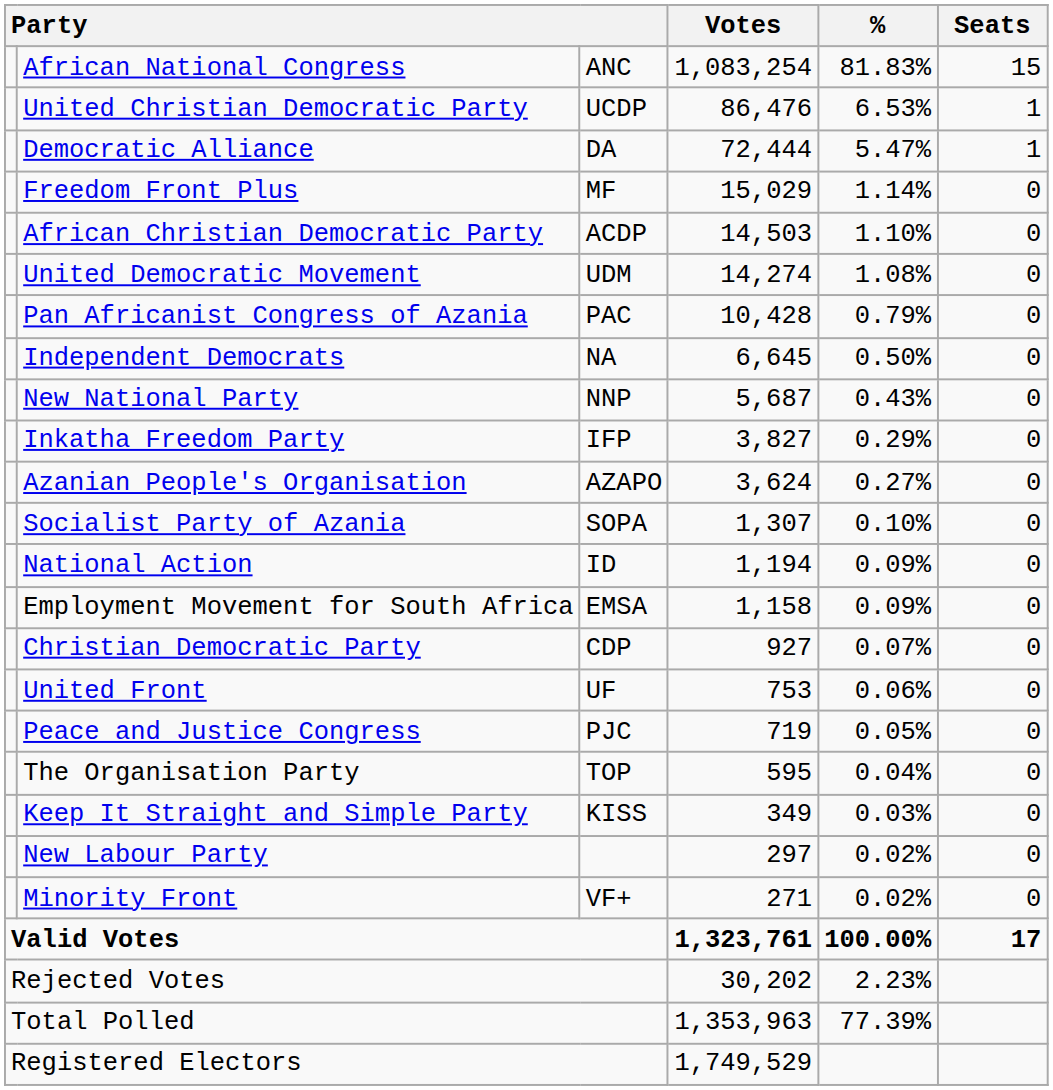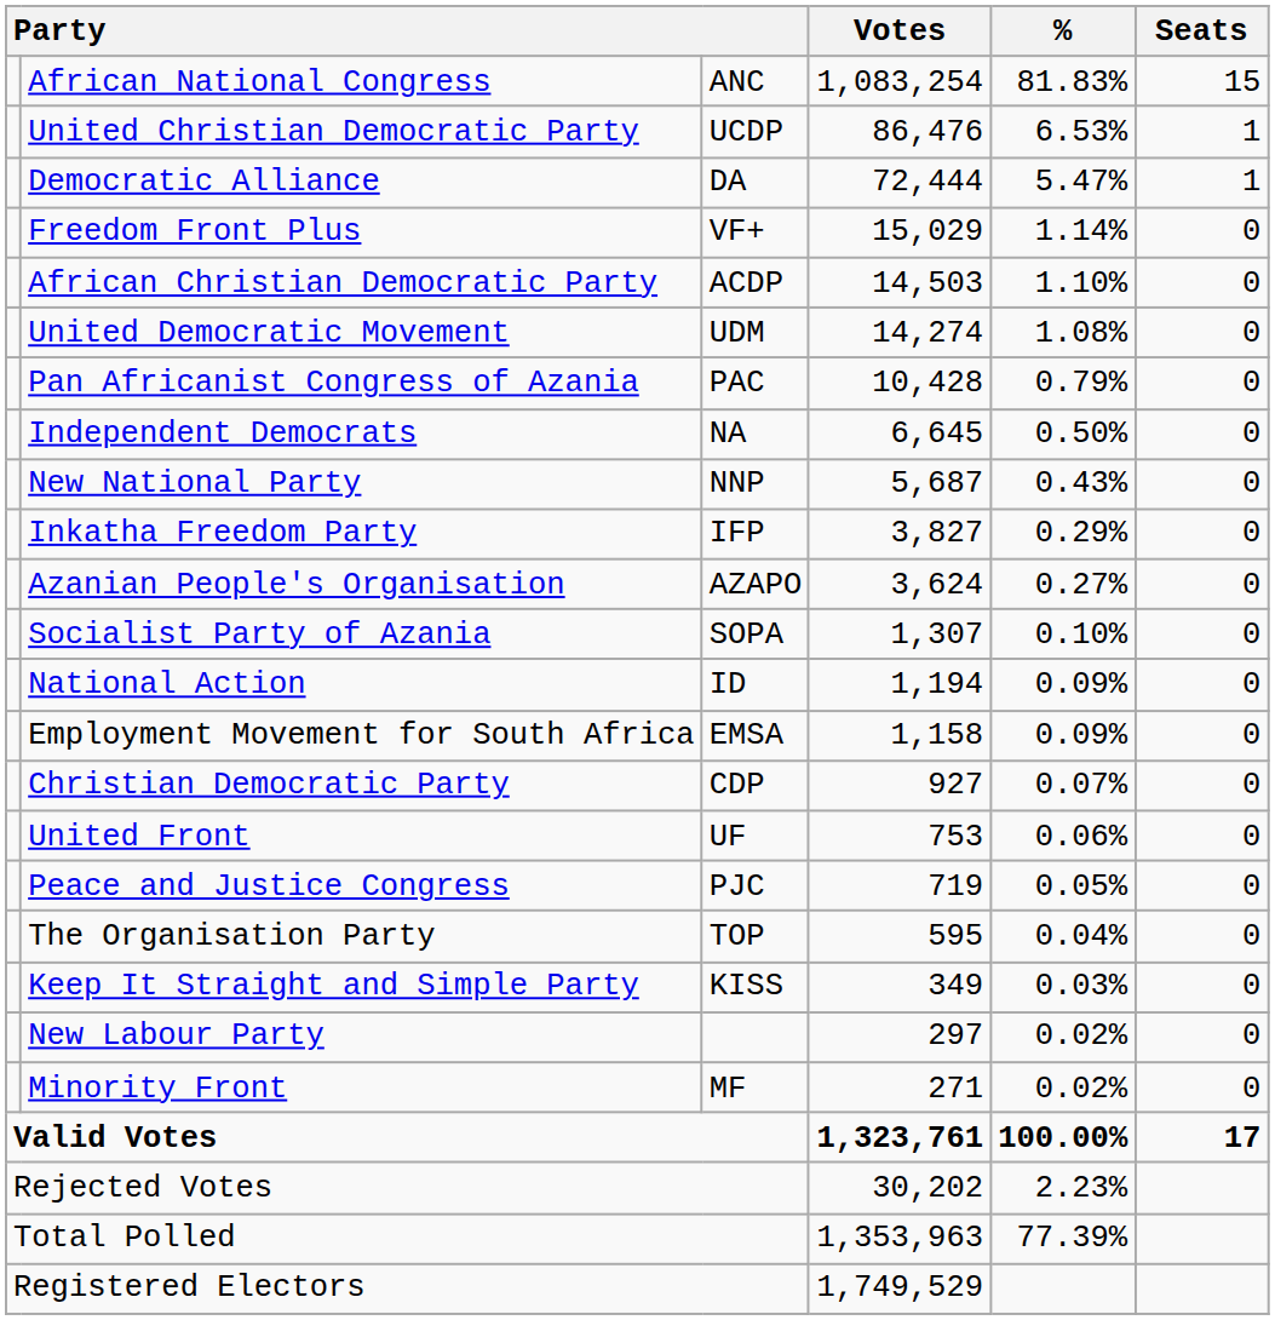 <table class="wikitable" border="1" style="text-align:right;">
 <tr>
 <th style="text-align:left;" colspan=3>Party</th>
 <th align=center width="50">Votes</th>
 <th align=center width="50">%</th>
 <th align=center width="50">Seats</th>
 </tr>
 <tr>
 <td style="background:"></td>
 <td align=left><a href='#'>African National Congress</a></td>
 <td align=left>ANC</td>
 <td>1,083,254</td>
 <td>81.83%</td>
 <td>15</td>
 </tr>
 <tr>
 <td style="background:"></td>
 <td align=left><a href='#'>United Christian Democratic Party</a></td>
 <td align=left>UCDP</td>
 <td>86,476</td>
 <td>6.53%</td>
 <td>1</td>
 </tr>
 <tr>
 <td style="background:"></td>
 <td align=left><a href='#'>Democratic Alliance</a></td>
 <td align=left>DA</td>
 <td>72,444</td>
 <td>5.47%</td>
 <td>1</td>
 </tr>
 <tr>
 <td style="background:"></td>
 <td align=left><a href='#'>Freedom Front Plus</a></td>
-<td align=left>MF</td>
+<td align=left>VF+</td>
 <td>15,029</td>
 <td>1.14%</td>
 <td>0</td>
 </tr>
 <tr>
 <td style="background:"></td>
 <td align=left><a href='#'>African Christian Democratic Party</a></td>
 <td align=left>ACDP</td>
 <td>14,503</td>
 <td>1.10%</td>
 <td>0</td>
 </tr>
 <tr>
 <td style="background:"></td>
 <td align=left><a href='#'>United Democratic Movement</a></td>
 <td align=left>UDM</td>
 <td>14,274</td>
 <td>1.08%</td>
 <td>0</td>
 </tr>
 <tr>
 <td style="background:"></td>
 <td align=left><a href='#'>Pan Africanist Congress of Azania</a></td>
 <td align=left>PAC</td>
 <td>10,428</td>
 <td>0.79%</td>
 <td>0</td>
 </tr>
 <tr>
 <td style="background:"></td>
 <td align=left><a href='#'>Independent Democrats</a></td>
 <td align=left>NA</td>
 <td>6,645</td>
 <td>0.50%</td>
 <td>0</td>
 </tr>
 <tr>
 <td style="background:"></td>
 <td align=left><a href='#'>New National Party</a></td>
 <td align=left>NNP</td>
 <td>5,687</td>
 <td>0.43%</td>
 <td>0</td>
 </tr>
 <tr>
 <td style="background:"></td>
 <td align=left><a href='#'>Inkatha Freedom Party</a></td>
 <td align=left>IFP</td>
 <td>3,827</td>
 <td>0.29%</td>
 <td>0</td>
 </tr>
 <tr>
 <td style="background:"></td>
 <td align=left><a href='#'>Azanian People's Organisation</a></td>
 <td align=left>AZAPO</td>
 <td>3,624</td>
 <td>0.27%</td>
 <td>0</td>
 </tr>
 <tr>
 <td style="background:"></td>
 <td align=left><a href='#'>Socialist Party of Azania</a></td>
 <td align=left>SOPA</td>
 <td>1,307</td>
 <td>0.10%</td>
 <td>0</td>
 </tr>
 <tr>
 <td></td>
 <td align=left><a href='#'>National Action</a></td>
 <td align=left>ID</td>
 <td>1,194</td>
 <td>0.09%</td>
 <td>0</td>
 </tr>
 <tr>
 <td></td>
 <td align=left>Employment Movement for South Africa</td>
 <td align=left>EMSA</td>
 <td>1,158</td>
 <td>0.09%</td>
 <td>0</td>
 </tr>
 <tr>
 <td style="background:"></td>
 <td align=left><a href='#'>Christian Democratic Party</a></td>
 <td align=left>CDP</td>
 <td>927</td>
 <td>0.07%</td>
 <td>0</td>
 </tr>
 <tr>
 <td></td>
 <td align=left><a href='#'>United Front</a></td>
 <td align=left>UF</td>
 <td>753</td>
 <td>0.06%</td>
 <td>0</td>
 </tr>
 <tr>
 <td></td>
 <td align=left><a href='#'>Peace and Justice Congress</a></td>
 <td align=left>PJC</td>
 <td>719</td>
 <td>0.05%</td>
 <td>0</td>
 </tr>
 <tr>
 <td></td>
 <td align=left>The Organisation Party</td>
 <td align=left>TOP</td>
 <td>595</td>
 <td>0.04%</td>
 <td>0</td>
 </tr>
 <tr>
 <td style="background:"></td>
 <td align=left><a href='#'>Keep It Straight and Simple Party</a></td>
 <td align=left>KISS</td>
 <td>349</td>
 <td>0.03%</td>
 <td>0</td>
 </tr>
 <tr>
 <td></td>
 <td align=left><a href='#'>New Labour Party</a></td>
 <td align=left></td>
 <td>297</td>
 <td>0.02%</td>
 <td>0</td>
 </tr>
 <tr>
 <td style="background:"></td>
 <td align=left><a href='#'>Minority Front</a></td>
-<td align=left>VF+</td>
+<td align=left>MF</td>
 <td>271</td>
 <td>0.02%</td>
 <td>0</td>
 </tr>
 <tr style="font-weight:bold">
 <td align=left colspan=3>Valid Votes</td>
 <td>1,323,761</td>
 <td>100.00%</td>
 <td>17</td>
 </tr>
 <tr>
 <td align=left colspan=3>Rejected Votes</td>
 <td>30,202</td>
 <td>2.23%</td>
 <td></td>
 </tr>
 <tr>
 <td align=left colspan=3>Total Polled</td>
 <td>1,353,963</td>
 <td>77.39%</td>
 <td></td>
 </tr>
 <tr>
 <td align=left colspan=3>Registered Electors</td>
 <td>1,749,529</td>
 <td></td>
 <td></td>
 </tr>
 </table>
